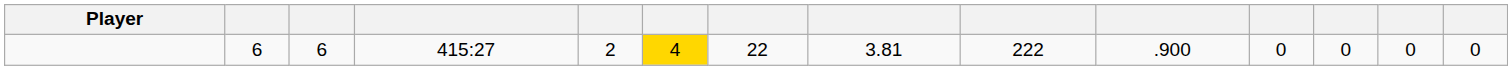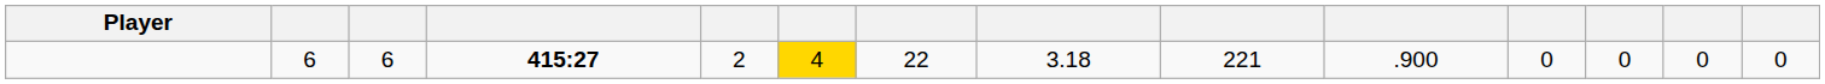 <table class="wikitable sortable" style="width:100%; text-align:center;">
 <tr>
 <th>Player</th>
 <th></th>
 <th></th>
 <th></th>
 <th></th>
 <th></th>
 <th></th>
 <th></th>
 <th></th>
 <th></th>
 <th></th>
 <th></th>
 <th></th>
 <th></th>
 </tr>
 <tr>
 <td style=white-space:nowrap></td>
 <td>6</td>
 <td>6</td>
-<td>415:27</td>
+<td><strong>415:27</strong></td>
 <td>2</td>
 <td style="background: gold;">4</td>
 <td>22</td>
-<td>3.81</td>
-<td>222</td>
+<td>3.18</td>
+<td>221</td>
 <td>.900</td>
 <td>0</td>
 <td>0</td>
 <td>0</td>
 <td>0</td>
 </tr>
 </table>
